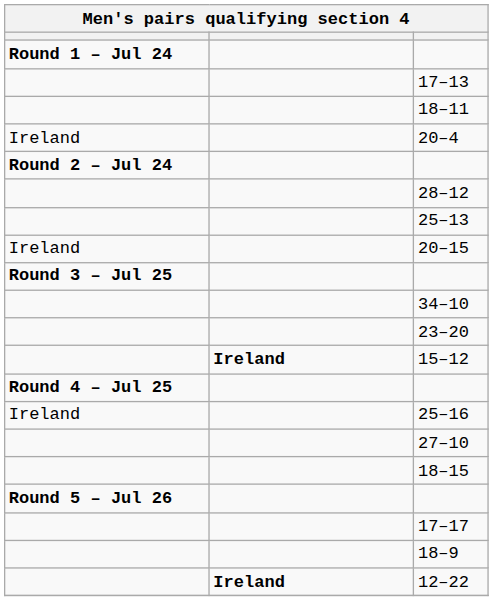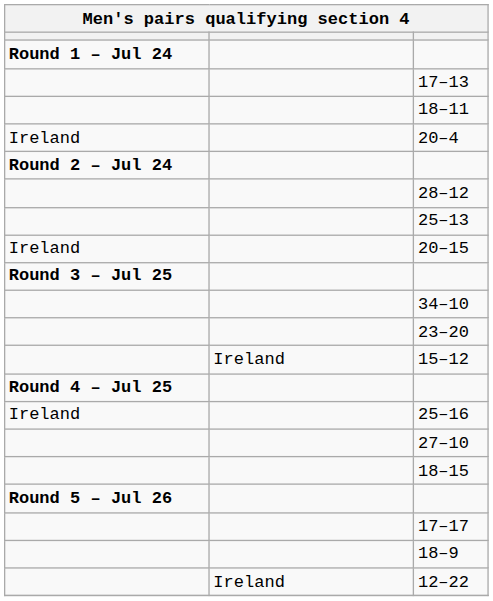 <table class="wikitable">
 <tr>
 <th colspan="3">Men's pairs qualifying section 4</th>
 </tr>
 <tr>
 <th width=150></th>
 <th width=150></th>
 <th width=50></th>
 </tr>
 <tr>
 <td><strong>Round 1 – Jul 24</strong></td>
 <td></td>
 <td></td>
 </tr>
 <tr>
 <td></td>
 <td></td>
 <td>17–13</td>
 </tr>
 <tr>
 <td></td>
 <td></td>
 <td>18–11</td>
 </tr>
 <tr>
 <td> Ireland</td>
 <td></td>
 <td>20–4</td>
 </tr>
 <tr>
 <td><strong>Round 2 – Jul 24</strong></td>
 <td></td>
 <td></td>
 </tr>
 <tr>
 <td></td>
 <td></td>
 <td>28–12</td>
 </tr>
 <tr>
 <td></td>
 <td></td>
 <td>25–13</td>
 </tr>
 <tr>
 <td> Ireland</td>
 <td></td>
 <td>20–15</td>
 </tr>
 <tr>
 <td><strong>Round 3 – Jul 25</strong></td>
 <td></td>
 <td></td>
 </tr>
 <tr>
 <td></td>
 <td></td>
 <td>34–10</td>
 </tr>
 <tr>
 <td></td>
 <td></td>
 <td>23–20</td>
 </tr>
 <tr>
 <td></td>
-<td><strong> Ireland</strong></td>
+<td> Ireland</td>
 <td>15–12</td>
 </tr>
 <tr>
 <td><strong>Round 4 – Jul 25</strong></td>
 <td></td>
 <td></td>
 </tr>
 <tr>
 <td> Ireland</td>
 <td></td>
 <td>25–16</td>
 </tr>
 <tr>
 <td></td>
 <td></td>
 <td>27–10</td>
 </tr>
 <tr>
 <td></td>
 <td></td>
 <td>18–15</td>
 </tr>
 <tr>
 <td><strong>Round 5 – Jul 26</strong></td>
 <td></td>
 <td></td>
 </tr>
 <tr>
 <td></td>
 <td></td>
 <td>17–17</td>
 </tr>
 <tr>
 <td></td>
 <td></td>
 <td>18–9</td>
 </tr>
 <tr>
 <td></td>
-<td><strong> Ireland</strong></td>
+<td> Ireland</td>
 <td>12–22</td>
 </tr>
 <tr>
 </tr>
 </table>
